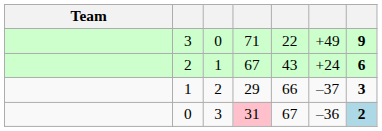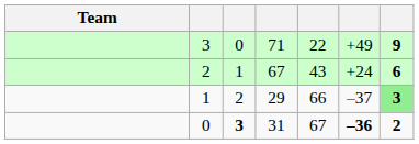 <table class="wikitable" style="text-align:center;">
 <tr>
 <th style="width:10.5em;">Team</th>
 <th style="width:1.5em;"></th>
 <th style="width:1.5em;"></th>
 <th style="width:2.0em;"></th>
 <th style="width:2.0em;"></th>
 <th style="width:2.0em;"></th>
 <th style="width:1.5em;"></th>
 </tr>
 <tr bgcolor="#cfc">
 <td align="left"></td>
 <td>3</td>
 <td>0</td>
 <td>71</td>
 <td>22</td>
 <td>+49</td>
 <td><strong>9</strong></td>
 </tr>
 <tr bgcolor="#cfc">
 <td align="left"></td>
 <td>2</td>
 <td>1</td>
 <td>67</td>
 <td>43</td>
 <td>+24</td>
 <td><strong>6</strong></td>
 </tr>
 <tr>
 <td align="left"></td>
 <td>1</td>
 <td>2</td>
 <td>29</td>
 <td>66</td>
 <td>–37</td>
-<td><strong>3</strong></td>
+<td style="background: lightgreen;"><strong>3</strong></td>
 </tr>
 <tr>
 <td align="left"></td>
 <td>0</td>
-<td>3</td>
-<td style="background: pink;">31</td>
+<td><strong>3</strong></td>
+<td>31</td>
 <td>67</td>
-<td>–36</td>
-<td style="background: lightblue;"><strong>2</strong></td>
+<td><strong>–36</strong></td>
+<td><strong>2</strong></td>
 </tr>
 </table>
